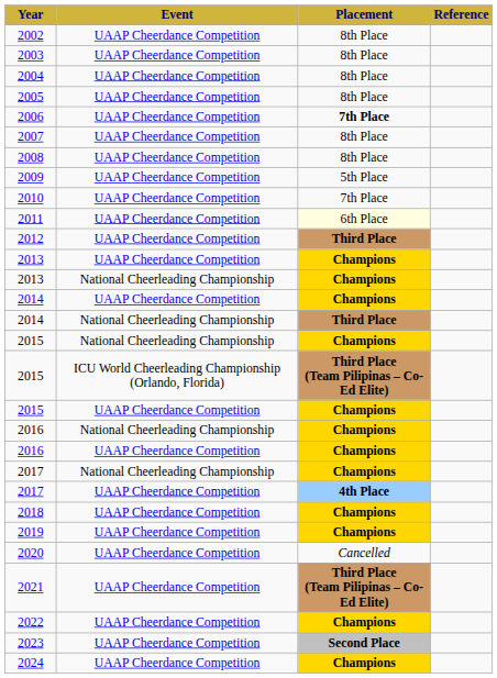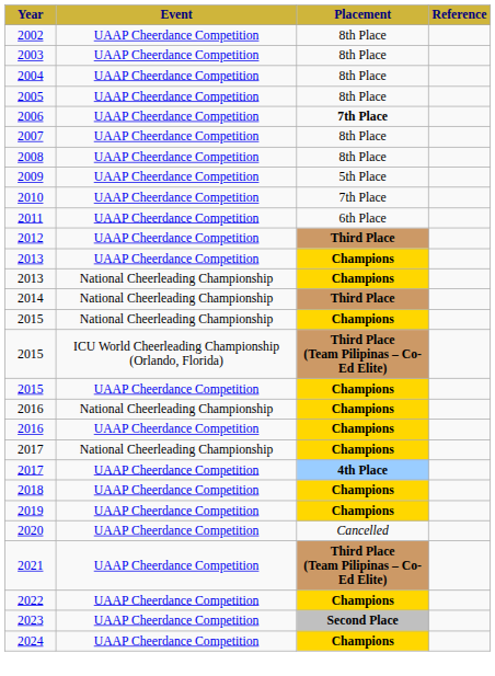 <table class="wikitable">
 <tr>
 <th width=70px style="background: #CFB53B; color: #000080; text-align: center"><strong>Year</strong></th>
 <th width=400px style="background: #CFB53B; color: #000080; text-align: center"><strong>Event</strong></th>
 <th width=200px style="background: #CFB53B; color: #000080; text-align: center"><strong>Placement</strong></th>
 <th width=70px style="background: #CFB53B; color: #000080; text-align: center"><strong>Reference</strong></th>
 </tr>
 <tr align=center>
 <td rowspan=1><a href='#'>2002</a></td>
 <td rowspan=1><a href='#'>UAAP Cheerdance Competition</a></td>
 <td>8th Place</td>
 <td></td>
 </tr>
 <tr align=center>
 <td rowspan=1><a href='#'>2003</a></td>
 <td rowspan=1><a href='#'>UAAP Cheerdance Competition</a></td>
 <td>8th Place</td>
 <td></td>
 </tr>
 <tr align=center>
 <td rowspan=1><a href='#'>2004</a></td>
 <td rowspan=1><a href='#'>UAAP Cheerdance Competition</a></td>
 <td>8th Place</td>
 <td></td>
 </tr>
 <tr align=center>
 <td rowspan=1><a href='#'>2005</a></td>
 <td rowspan=1><a href='#'>UAAP Cheerdance Competition</a></td>
 <td>8th Place</td>
 <td></td>
 </tr>
 <tr align=center>
 <td rowspan=1><a href='#'>2006</a></td>
 <td rowspan=1><a href='#'>UAAP Cheerdance Competition</a></td>
 <td><strong>7th Place</strong></td>
 <td></td>
 </tr>
 <tr align=center>
 <td rowspan=1><a href='#'>2007</a></td>
 <td rowspan=1><a href='#'>UAAP Cheerdance Competition</a></td>
 <td>8th Place</td>
 <td></td>
 </tr>
 <tr align=center>
 <td rowspan=1><a href='#'>2008</a></td>
 <td rowspan=1><a href='#'>UAAP Cheerdance Competition</a></td>
 <td>8th Place</td>
 <td></td>
 </tr>
 <tr align=center>
 <td rowspan=1><a href='#'>2009</a></td>
 <td rowspan=1><a href='#'>UAAP Cheerdance Competition</a></td>
 <td>5th Place</td>
 <td></td>
 </tr>
 <tr align=center>
 <td rowspan=1><a href='#'>2010</a></td>
 <td rowspan=1><a href='#'>UAAP Cheerdance Competition</a></td>
 <td>7th Place</td>
 <td></td>
 </tr>
 <tr align=center>
 <td rowspan=1><a href='#'>2011</a></td>
 <td rowspan=1><a href='#'>UAAP Cheerdance Competition</a></td>
-<td style="background: lightyellow;">6th Place</td>
+<td>6th Place</td>
 <td></td>
 </tr>
 <tr align=center>
 <td rowspan=1><a href='#'>2012</a></td>
 <td rowspan=1><a href='#'>UAAP Cheerdance Competition</a></td>
 <td bgcolor="#cc9966"><strong>Third Place</strong></td>
 <td></td>
 </tr>
 <tr align=center>
 <td rowspan=1><a href='#'>2013</a></td>
 <td rowspan=1><a href='#'>UAAP Cheerdance Competition</a></td>
 <td bgcolor="gold"><strong>Champions</strong></td>
 <td></td>
 </tr>
 <tr align=center>
 <td rowspan=1>2013</td>
 <td rowspan=1>National Cheerleading Championship</td>
-<td bgcolor="gold"><strong>Champions</strong></td>
-<td></td>
-</tr>
-<tr align=center>
-<td rowspan=1><a href='#'>2014</a></td>
-<td rowspan=1><a href='#'>UAAP Cheerdance Competition</a></td>
 <td bgcolor="gold"><strong>Champions</strong></td>
 <td></td>
 </tr>
 <tr align=center>
 <td rowspan=1>2014</td>
 <td rowspan=1>National Cheerleading Championship</td>
 <td bgcolor="#cc9966"><strong>Third Place</strong></td>
 <td></td>
 </tr>
 <tr align=center>
 <td rowspan=1>2015</td>
 <td rowspan=1>National Cheerleading Championship</td>
 <td bgcolor="gold"><strong>Champions</strong></td>
 <td></td>
 </tr>
 <tr align=center>
 <td rowspan=1>2015</td>
 <td rowspan=1>ICU World Cheerleading Championship (Orlando, Florida)</td>
 <td bgcolor="#cc9966"><strong>Third Place</strong><br><strong>(Team Pilipinas – Co-Ed Elite)</strong></td>
 <td></td>
 </tr>
 <tr align=center>
 <td rowspan=1><a href='#'>2015</a></td>
 <td rowspan=1><a href='#'>UAAP Cheerdance Competition</a></td>
 <td bgcolor="gold"><strong>Champions</strong></td>
 <td></td>
 </tr>
 <tr align=center>
 <td rowspan=1>2016</td>
 <td rowspan=1>National Cheerleading Championship</td>
 <td bgcolor="gold"><strong>Champions</strong></td>
 <td></td>
 </tr>
 <tr align=center>
 <td rowspan=1><a href='#'>2016</a></td>
 <td rowspan=1><a href='#'>UAAP Cheerdance Competition</a></td>
 <td bgcolor="gold"><strong>Champions</strong></td>
 <td></td>
 </tr>
 <tr align=center>
 <td rowspan=1>2017</td>
 <td rowspan=1>National Cheerleading Championship</td>
 <td bgcolor="gold"><strong>Champions</strong></td>
 <td></td>
 </tr>
 <tr align=center>
 <td rowspan=1><a href='#'>2017</a></td>
 <td rowspan=1><a href='#'>UAAP Cheerdance Competition</a></td>
 <td bgcolor="#9acdff"><strong>4th Place</strong></td>
 <td></td>
 </tr>
 <tr align=center>
 <td rowspan=1><a href='#'>2018</a></td>
 <td rowspan=1><a href='#'>UAAP Cheerdance Competition</a></td>
 <td bgcolor="gold"><strong>Champions</strong></td>
 <td></td>
 </tr>
 <tr align=center>
 <td rowspan=1><a href='#'>2019</a></td>
 <td rowspan=1><a href='#'>UAAP Cheerdance Competition</a></td>
 <td bgcolor="gold"><strong>Champions</strong></td>
 <td></td>
 </tr>
 <tr align=center>
 <td rowspan=1><a href='#'>2020</a></td>
 <td rowspan=1><a href='#'>UAAP Cheerdance Competition</a></td>
 <td><em>Cancelled</em></td>
 <td></td>
 </tr>
 <tr align=center>
 <td rowspan=1><a href='#'>2021</a></td>
 <td rowspan=1><a href='#'>UAAP Cheerdance Competition</a></td>
 <td bgcolor="#cc9966"><strong>Third Place</strong><br><strong>(Team Pilipinas – Co-Ed Elite)</strong></td>
 <td></td>
 </tr>
 <tr align=center>
 <td rowspan=1><a href='#'>2022</a></td>
 <td rowspan=1><a href='#'>UAAP Cheerdance Competition</a></td>
 <td bgcolor="gold"><strong>Champions</strong></td>
 <td></td>
 </tr>
 <tr align=center>
 <td rowspan=1><a href='#'>2023</a></td>
 <td rowspan=1><a href='#'>UAAP Cheerdance Competition</a></td>
 <td bgcolor="silver"><strong>Second Place</strong></td>
 <td></td>
 </tr>
 <tr align=center>
 <td rowspan=1><a href='#'>2024</a></td>
 <td rowspan=1><a href='#'>UAAP Cheerdance Competition</a></td>
 <td bgcolor="gold"><strong>Champions</strong></td>
 <td></td>
 </tr>
 </table>
